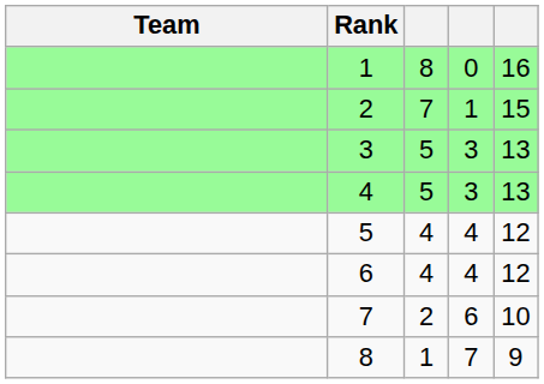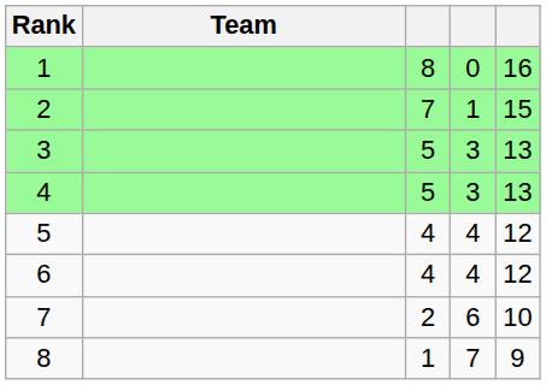 <table class="wikitable" style="text-align:center">
 <tr>
+<th>Rank</th>
 <th style="width:190px;">Team</th>
-<th>Rank</th>
 <th width=20px></th>
 <th width=20px></th>
 <th width=20px></th>
 </tr>
 <tr bgcolor=98fb98>
+<td>1</td>
 <td align="left"></td>
-<td>1</td>
 <td>8</td>
 <td>0</td>
 <td>16</td>
 </tr>
 <tr bgcolor=98fb98>
+<td>2</td>
 <td align="left"></td>
-<td>2</td>
 <td>7</td>
 <td>1</td>
 <td>15</td>
 </tr>
 <tr bgcolor=98fb98>
+<td>3</td>
 <td align="left"></td>
-<td>3</td>
 <td>5</td>
 <td>3</td>
 <td>13</td>
 </tr>
 <tr bgcolor=98fb98>
+<td>4</td>
 <td align="left"></td>
-<td>4</td>
 <td>5</td>
 <td>3</td>
 <td>13</td>
 </tr>
 <tr bgcolor=>
+<td>5</td>
 <td align="left"></td>
-<td>5</td>
 <td>4</td>
 <td>4</td>
 <td>12</td>
 </tr>
 <tr>
+<td>6</td>
 <td align="left"><strong></strong></td>
-<td>6</td>
 <td>4</td>
 <td>4</td>
 <td>12</td>
 </tr>
 <tr>
+<td>7</td>
 <td align="left"></td>
-<td>7</td>
 <td>2</td>
 <td>6</td>
 <td>10</td>
 </tr>
 <tr>
+<td>8</td>
 <td align="left"></td>
-<td>8</td>
 <td>1</td>
 <td>7</td>
 <td>9</td>
 </tr>
 </table>
